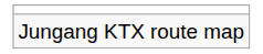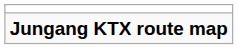 <table class="wikitable" style="text-align: center;margin-left: auto; margin-right: auto">
 <tr>
 <th style="background-color:white"></th>
 </tr>
 <tr>
-<td>Jungang KTX route map</td>
+<td><strong>Jungang KTX route map</strong></td>
 </tr>
 </table>
